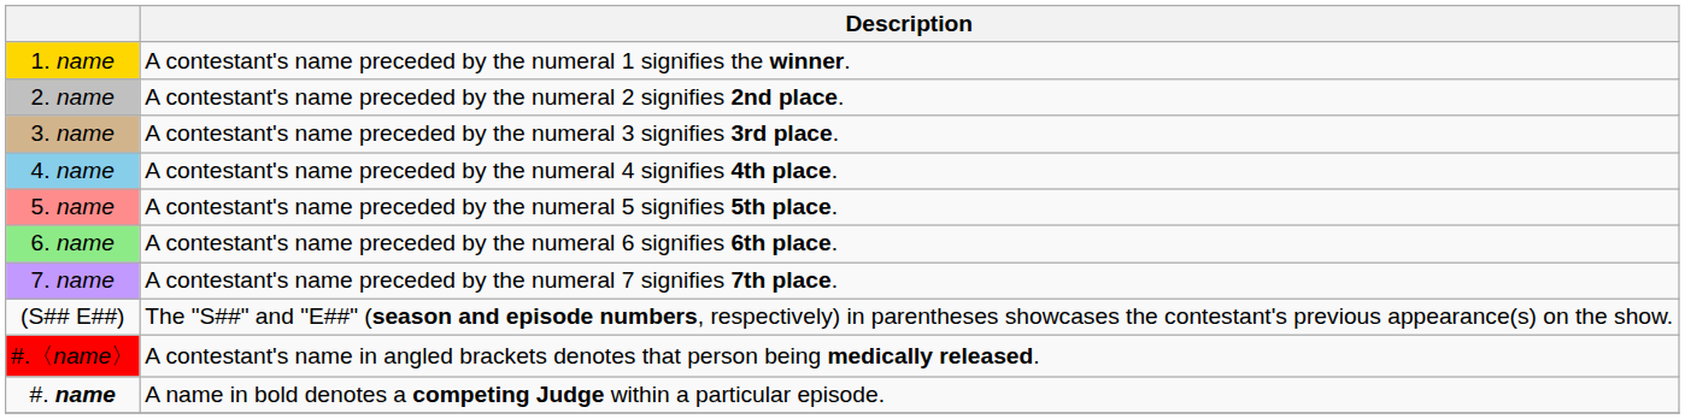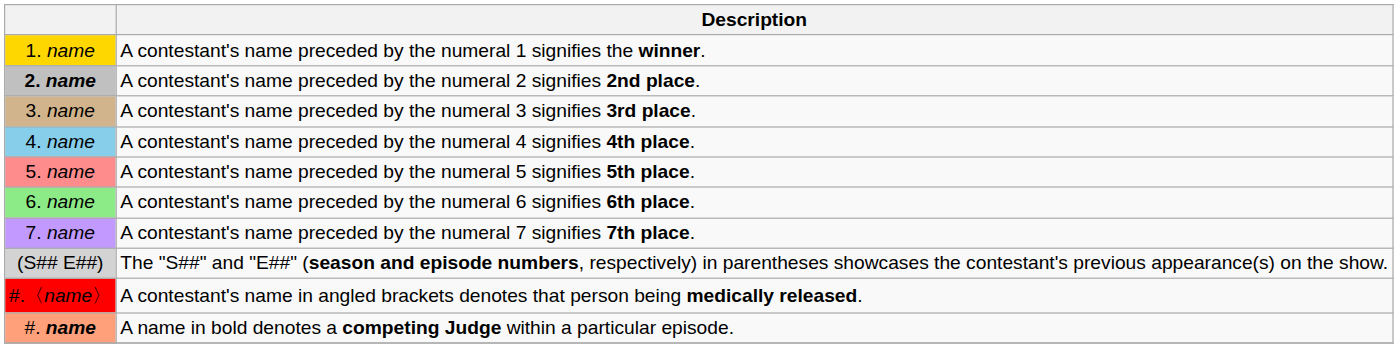 <table class="wikitable plainrowheaders" style="text-align:center;">
 <tr>
 <th></th>
 <th>Description</th>
 </tr>
 <tr>
 <td style="background:gold;">1. <em>name</em></td>
 <td style="text-align:left;">A contestant's name preceded by the numeral 1 signifies the <strong>winner</strong>.</td>
 </tr>
 <tr>
-<td style="background:silver;">2. <em>name</em></td>
+<td style="background:silver;"><strong>2. <em>name</em></strong></td>
 <td style="text-align:left;">A contestant's name preceded by the numeral 2 signifies <strong>2nd place</strong>.</td>
 </tr>
 <tr>
 <td style="background:tan;">3. <em>name</em></td>
 <td style="text-align:left;">A contestant's name preceded by the numeral 3 signifies <strong>3rd place</strong>.</td>
 </tr>
 <tr>
 <td style="background:skyblue;">4. <em>name</em></td>
 <td style="text-align:left;">A contestant's name preceded by the numeral 4 signifies <strong>4th place</strong>.</td>
 </tr>
 <tr>
 <td style="background:#FF8C8C;">5. <em>name</em></td>
 <td style="text-align:left;">A contestant's name preceded by the numeral 5 signifies <strong>5th place</strong>.</td>
 </tr>
 <tr>
 <td style="background:#8DEB87;">6. <em>name</em></td>
 <td style="text-align:left;">A contestant's name preceded by the numeral 6 signifies <strong>6th place</strong>.</td>
 </tr>
 <tr>
 <td style="background:#C299FF;">7. <em>name</em></td>
 <td style="text-align:left;">A contestant's name preceded by the numeral 7 signifies <strong>7th place</strong>.</td>
 </tr>
 <tr>
-<td>(S## E##)</td>
+<td style="background: lightgrey;">(S## E##)</td>
 <td style="text-align:left;">The "S##" and "E##" (<strong>season and episode numbers</strong>, respectively) in parentheses showcases the contestant's previous appearance(s) on the show.</td>
 </tr>
 <tr>
 <td style="background:red;">#.〈<em>name</em>〉</td>
 <td style="text-align:left;">A contestant's name in angled brackets denotes that person being <strong>medically released</strong>.</td>
 </tr>
 <tr>
-<td>#. <strong><em>name</em></strong></td>
+<td style="background: lightsalmon;">#. <strong><em>name</em></strong></td>
 <td style="text-align:left;">A name in bold denotes a <strong>competing Judge</strong> within a particular episode.</td>
 </tr>
 <tr>
 </tr>
 </table>
